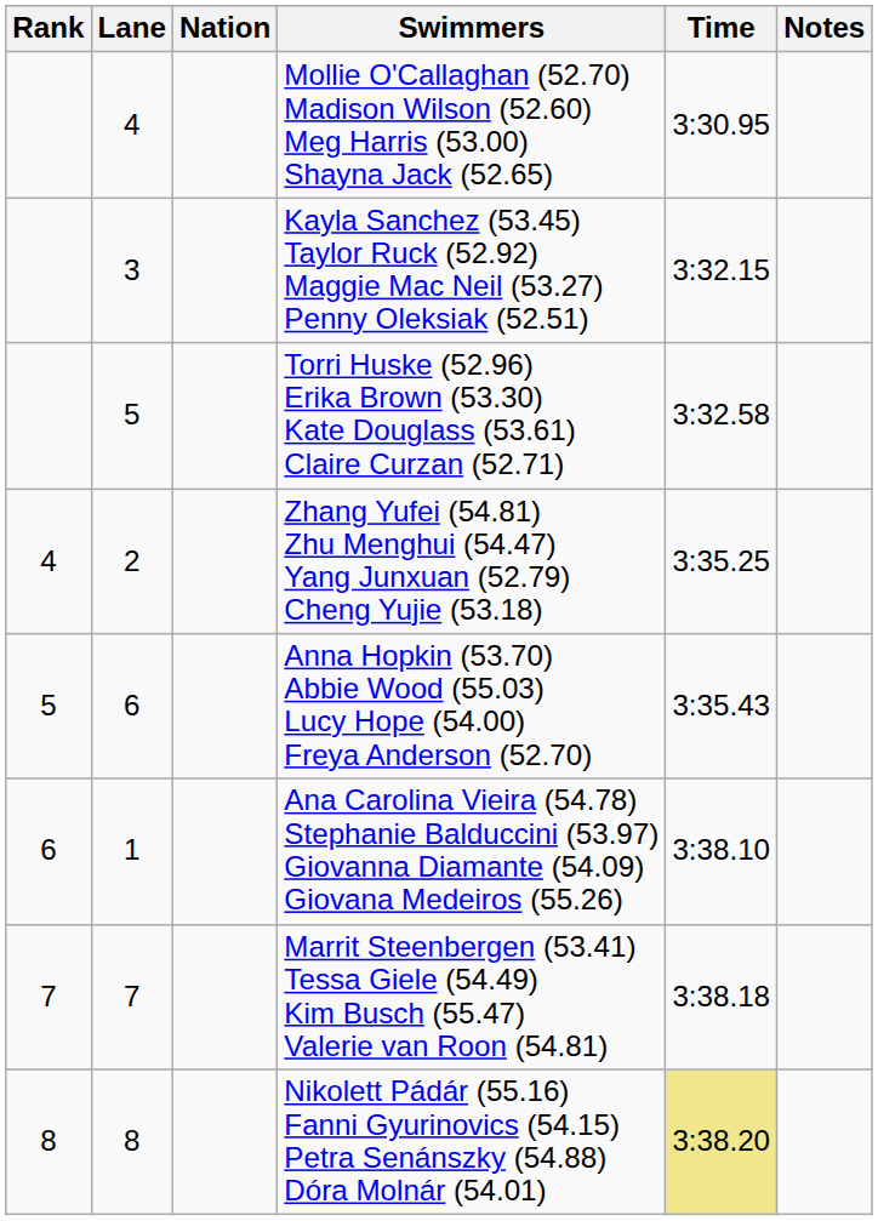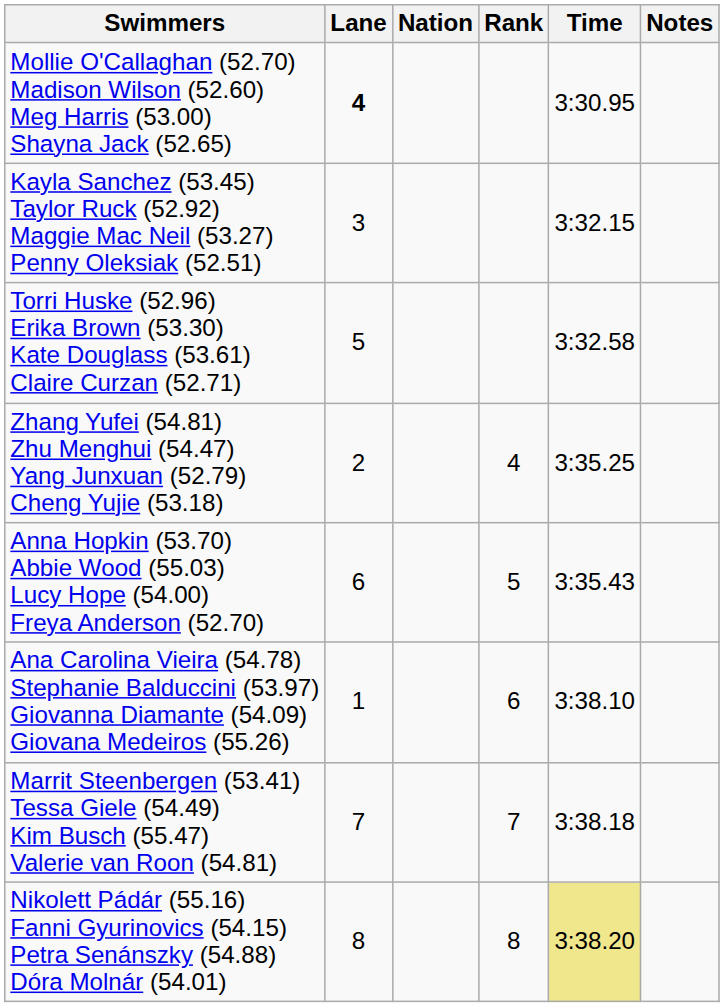 <table class="wikitable sortable" style="text-align:center">
 <tr>
-<th>Rank</th>
+<th>Swimmers</th>
 <th>Lane</th>
 <th>Nation</th>
-<th>Swimmers</th>
+<th>Rank</th>
 <th>Time</th>
 <th>Notes</th>
 </tr>
 <tr>
+<td align=left><a href='#'>Mollie O'Callaghan</a> (52.70)<br><a href='#'>Madison Wilson</a> (52.60)<br><a href='#'>Meg Harris</a> (53.00)<br><a href='#'>Shayna Jack</a> (52.65)</td>
+<td><strong>4</strong></td>
+<td align=left></td>
 <td></td>
-<td>4</td>
-<td align=left></td>
-<td align=left><a href='#'>Mollie O'Callaghan</a> (52.70)<br><a href='#'>Madison Wilson</a> (52.60)<br><a href='#'>Meg Harris</a> (53.00)<br><a href='#'>Shayna Jack</a> (52.65)</td>
 <td>3:30.95</td>
 <td></td>
 </tr>
 <tr>
-<td></td>
+<td align=left><a href='#'>Kayla Sanchez</a> (53.45)<br><a href='#'>Taylor Ruck</a> (52.92)<br><a href='#'>Maggie Mac Neil</a> (53.27)<br><a href='#'>Penny Oleksiak</a> (52.51)</td>
 <td>3</td>
 <td align=left></td>
-<td align=left><a href='#'>Kayla Sanchez</a> (53.45)<br><a href='#'>Taylor Ruck</a> (52.92)<br><a href='#'>Maggie Mac Neil</a> (53.27)<br><a href='#'>Penny Oleksiak</a> (52.51)</td>
+<td></td>
 <td>3:32.15</td>
 <td></td>
 </tr>
 <tr>
-<td></td>
+<td align=left><a href='#'>Torri Huske</a> (52.96)<br><a href='#'>Erika Brown</a> (53.30)<br><a href='#'>Kate Douglass</a> (53.61)<br><a href='#'>Claire Curzan</a> (52.71)</td>
 <td>5</td>
 <td align=left></td>
-<td align=left><a href='#'>Torri Huske</a> (52.96)<br><a href='#'>Erika Brown</a> (53.30)<br><a href='#'>Kate Douglass</a> (53.61)<br><a href='#'>Claire Curzan</a> (52.71)</td>
+<td></td>
 <td>3:32.58</td>
 <td></td>
 </tr>
 <tr>
-<td>4</td>
+<td align=left><a href='#'>Zhang Yufei</a> (54.81)<br><a href='#'>Zhu Menghui</a> (54.47)<br><a href='#'>Yang Junxuan</a> (52.79)<br><a href='#'>Cheng Yujie</a> (53.18)</td>
 <td>2</td>
 <td align=left></td>
-<td align=left><a href='#'>Zhang Yufei</a> (54.81)<br><a href='#'>Zhu Menghui</a> (54.47)<br><a href='#'>Yang Junxuan</a> (52.79)<br><a href='#'>Cheng Yujie</a> (53.18)</td>
+<td>4</td>
 <td>3:35.25</td>
 <td></td>
 </tr>
 <tr>
-<td>5</td>
+<td align=left><a href='#'>Anna Hopkin</a> (53.70)<br><a href='#'>Abbie Wood</a> (55.03)<br><a href='#'>Lucy Hope</a> (54.00)<br><a href='#'>Freya Anderson</a> (52.70)</td>
 <td>6</td>
 <td align=left></td>
-<td align=left><a href='#'>Anna Hopkin</a> (53.70)<br><a href='#'>Abbie Wood</a> (55.03)<br><a href='#'>Lucy Hope</a> (54.00)<br><a href='#'>Freya Anderson</a> (52.70)</td>
+<td>5</td>
 <td>3:35.43</td>
 <td></td>
 </tr>
 <tr>
-<td>6</td>
+<td align=left><a href='#'>Ana Carolina Vieira</a> (54.78)<br><a href='#'>Stephanie Balduccini</a> (53.97)<br><a href='#'>Giovanna Diamante</a> (54.09)<br><a href='#'>Giovana Medeiros</a> (55.26)</td>
 <td>1</td>
 <td align=left></td>
-<td align=left><a href='#'>Ana Carolina Vieira</a> (54.78)<br><a href='#'>Stephanie Balduccini</a> (53.97)<br><a href='#'>Giovanna Diamante</a> (54.09)<br><a href='#'>Giovana Medeiros</a> (55.26)</td>
+<td>6</td>
 <td>3:38.10</td>
 <td></td>
 </tr>
 <tr>
-<td>7</td>
+<td align=left><a href='#'>Marrit Steenbergen</a> (53.41)<br><a href='#'>Tessa Giele</a> (54.49)<br><a href='#'>Kim Busch</a> (55.47)<br><a href='#'>Valerie van Roon</a> (54.81)</td>
 <td>7</td>
 <td align=left></td>
-<td align=left><a href='#'>Marrit Steenbergen</a> (53.41)<br><a href='#'>Tessa Giele</a> (54.49)<br><a href='#'>Kim Busch</a> (55.47)<br><a href='#'>Valerie van Roon</a> (54.81)</td>
+<td>7</td>
 <td>3:38.18</td>
 <td></td>
 </tr>
 <tr>
-<td>8</td>
+<td align=left><a href='#'>Nikolett Pádár</a> (55.16)<br><a href='#'>Fanni Gyurinovics</a> (54.15)<br><a href='#'>Petra Senánszky</a> (54.88)<br><a href='#'>Dóra Molnár</a> (54.01)</td>
 <td>8</td>
 <td align=left></td>
-<td align=left><a href='#'>Nikolett Pádár</a> (55.16)<br><a href='#'>Fanni Gyurinovics</a> (54.15)<br><a href='#'>Petra Senánszky</a> (54.88)<br><a href='#'>Dóra Molnár</a> (54.01)</td>
+<td>8</td>
 <td style="background: khaki;">3:38.20</td>
 <td></td>
 </tr>
 </table>
